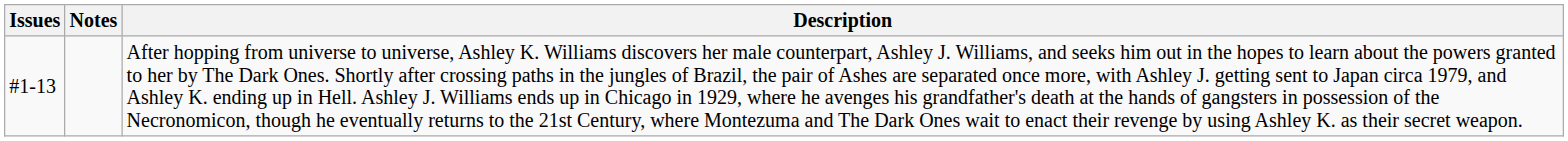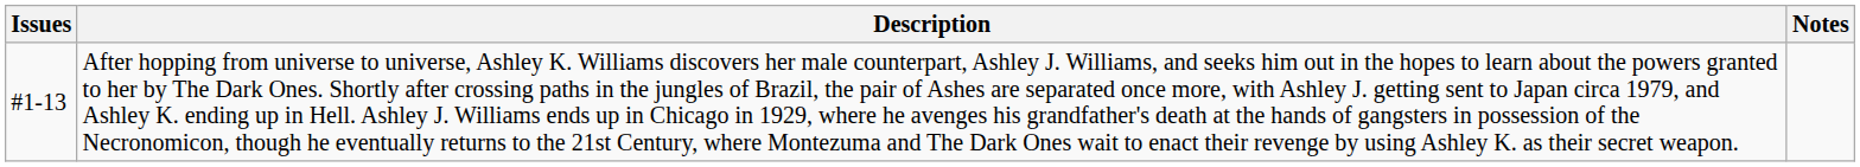 <table class="wikitable">
 <tr>
 <th>Issues</th>
+<th>Description</th>
 <th>Notes</th>
-<th>Description</th>
 </tr>
 <tr>
 <td>#1-13</td>
+<td>After hopping from universe to universe, Ashley K. Williams discovers her male counterpart, Ashley J. Williams, and seeks him out in the hopes to learn about the powers granted to her by The Dark Ones. Shortly after crossing paths in the jungles of Brazil, the pair of Ashes are separated once more, with Ashley J. getting sent to Japan circa 1979, and Ashley K. ending up in Hell. Ashley J. Williams ends up in Chicago in 1929, where he avenges his grandfather's death at the hands of gangsters in possession of the Necronomicon, though he eventually returns to the 21st Century, where Montezuma and The Dark Ones wait to enact their revenge by using Ashley K. as their secret weapon.</td>
 <td></td>
-<td>After hopping from universe to universe, Ashley K. Williams discovers her male counterpart, Ashley J. Williams, and seeks him out in the hopes to learn about the powers granted to her by The Dark Ones. Shortly after crossing paths in the jungles of Brazil, the pair of Ashes are separated once more, with Ashley J. getting sent to Japan circa 1979, and Ashley K. ending up in Hell. Ashley J. Williams ends up in Chicago in 1929, where he avenges his grandfather's death at the hands of gangsters in possession of the Necronomicon, though he eventually returns to the 21st Century, where Montezuma and The Dark Ones wait to enact their revenge by using Ashley K. as their secret weapon.</td>
 </tr>
 </table>
